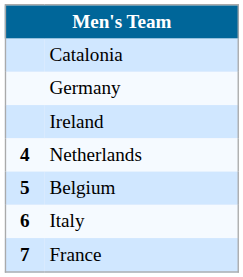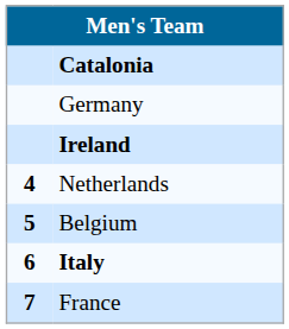 <table align=center cellpadding="4" cellspacing="0" style="background: #f9f9f9; border: 1px #aaa solid; border-collapse: collapse; font-size: 90%;" width=20%>
 <tr align=center bgcolor=#006699 style="color:white;">
 <th width=100% colspan=2>Men's Team</th>
 </tr>
 <tr align=center bgcolor=#D0E7FF>
 <td></td>
-<td align=left> Catalonia</td>
+<td align=left><strong> Catalonia</strong></td>
 </tr>
 <tr align=center bgcolor=#F5FAFF>
 <td></td>
 <td align=left> Germany</td>
 </tr>
 <tr align=center bgcolor=#D0E7FF>
 <td></td>
-<td align=left> Ireland</td>
+<td align=left><strong> Ireland</strong></td>
 </tr>
 <tr align=center bgcolor=#F5FAFF>
 <td><strong>4</strong></td>
 <td align=left> Netherlands</td>
 </tr>
 <tr align=center bgcolor=#D0E7FF>
 <td><strong>5</strong></td>
 <td align=left> Belgium</td>
 </tr>
 <tr align=center bgcolor=#F5FAFF>
 <td><strong>6</strong></td>
-<td align=left> Italy</td>
+<td align=left><strong> Italy</strong></td>
 </tr>
 <tr align=center bgcolor=#D0E7FF>
 <td><strong>7</strong></td>
 <td align=left> France</td>
 </tr>
 </table>
